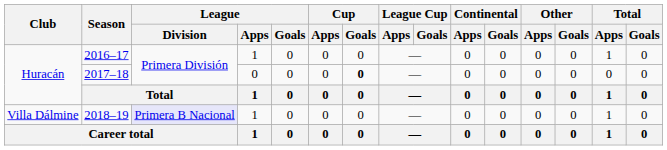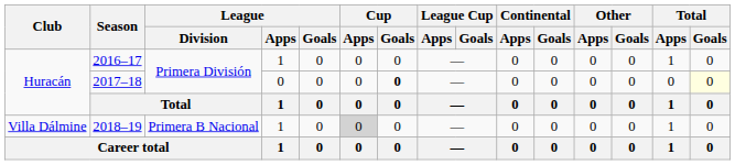 <table class="wikitable" style="text-align:center">
 <tr>
 <th rowspan="2">Club</th>
 <th rowspan="2">Season</th>
 <th colspan="3">League</th>
 <th colspan="2">Cup</th>
 <th colspan="2">League Cup</th>
 <th colspan="2">Continental</th>
 <th colspan="2">Other</th>
 <th colspan="2">Total</th>
 </tr>
 <tr>
 <th>Division</th>
 <th>Apps</th>
 <th>Goals</th>
 <th>Apps</th>
 <th>Goals</th>
 <th>Apps</th>
 <th>Goals</th>
 <th>Apps</th>
 <th>Goals</th>
 <th>Apps</th>
 <th>Goals</th>
 <th>Apps</th>
 <th>Goals</th>
 </tr>
 <tr>
 <td rowspan="3"><a href='#'>Huracán</a></td>
 <td><a href='#'>2016–17</a></td>
 <td rowspan="2"><a href='#'>Primera División</a></td>
 <td>1</td>
 <td>0</td>
 <td>0</td>
 <td>0</td>
 <td colspan="2">—</td>
 <td>0</td>
 <td>0</td>
 <td>0</td>
 <td>0</td>
 <td>1</td>
 <td>0</td>
 </tr>
 <tr>
 <td><a href='#'>2017–18</a></td>
 <td>0</td>
 <td>0</td>
 <td>0</td>
 <td><strong>0</strong></td>
 <td colspan="2">—</td>
 <td>0</td>
 <td>0</td>
 <td>0</td>
 <td>0</td>
 <td>0</td>
-<td>0</td>
+<td style="background: lightyellow;">0</td>
 </tr>
 <tr>
 <th colspan="2">Total</th>
 <th>1</th>
 <th>0</th>
 <th>0</th>
 <th>0</th>
 <th colspan="2">—</th>
 <th>0</th>
 <th>0</th>
 <th>0</th>
 <th>0</th>
 <th>1</th>
 <th>0</th>
 </tr>
 <tr>
 <td rowspan="1"><a href='#'>Villa Dálmine</a></td>
 <td><a href='#'>2018–19</a></td>
-<td rowspan="1" style="background: lavender;"><a href='#'>Primera B Nacional</a></td>
+<td rowspan="1"><a href='#'>Primera B Nacional</a></td>
 <td>1</td>
 <td>0</td>
-<td>0</td>
+<td style="background: lightgrey;">0</td>
 <td>0</td>
 <td colspan="2">—</td>
 <td>0</td>
 <td>0</td>
 <td>0</td>
 <td>0</td>
 <td>1</td>
 <td>0</td>
 </tr>
 <tr>
 <th colspan="3">Career total</th>
 <th>1</th>
 <th>0</th>
 <th>0</th>
 <th>0</th>
 <th colspan="2">—</th>
 <th>0</th>
 <th>0</th>
 <th>0</th>
 <th>0</th>
 <th>1</th>
 <th>0</th>
 </tr>
 </table>
